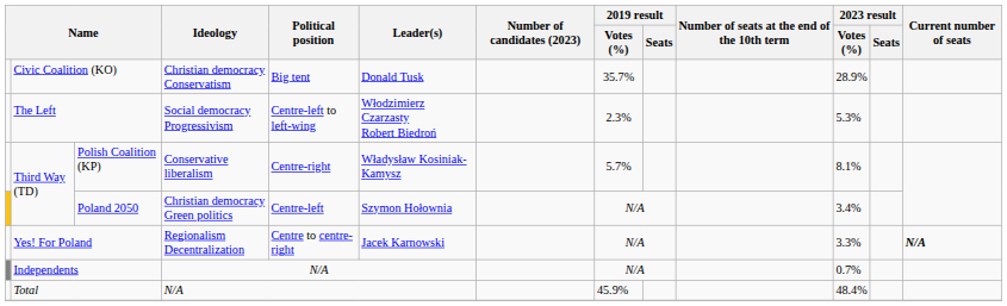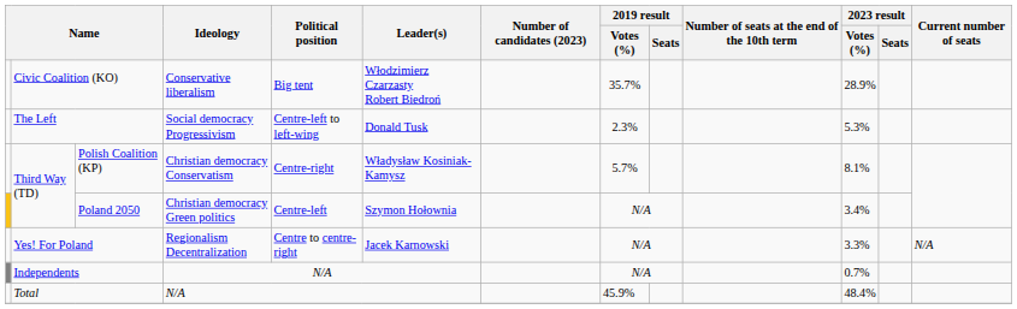 <table class=wikitable style="font-size:95%;">
 <tr>
 <th colspan="3" rowspan="2">Name</th>
 <th rowspan="2">Ideology</th>
 <th rowspan="2">Political position</th>
 <th rowspan="2">Leader(s)</th>
 <th rowspan="2">Number of candidates (2023)</th>
 <th colspan="2">2019 result</th>
 <th rowspan="2">Number of seats at the end of the 10th term</th>
 <th colspan="2">2023 result</th>
 <th rowspan="2">Current number of seats</th>
 </tr>
 <tr>
 <th>Votes (%)</th>
 <th>Seats</th>
 <th>Votes<br>(%)</th>
 <th>Seats</th>
 </tr>
 <tr>
 <td style="background:"></td>
 <td colspan="2"><a href='#'>Civic Coalition</a> (KO)<br><br></td>
-<td><a href='#'>Christian democracy</a><br><a href='#'>Conservatism</a></td>
+<td><a href='#'>Conservative liberalism</a></td>
 <td><a href='#'>Big tent</a></td>
-<td><a href='#'>Donald Tusk</a></td>
+<td><a href='#'>Włodzimierz Czarzasty</a><br><a href='#'>Robert Biedroń</a></td>
 <td></td>
 <td style="text-align:center;">35.7%</td>
 <td></td>
 <td></td>
 <td>28.9%</td>
 <td></td>
 <td></td>
 </tr>
 <tr>
 <td style="background:"></td>
 <td colspan="2"><a href='#'>The Left</a><br><br></td>
 <td><a href='#'>Social democracy</a><br><a href='#'>Progressivism</a></td>
 <td><a href='#'>Centre-left</a> to  <a href='#'>left-wing</a></td>
-<td><a href='#'>Włodzimierz Czarzasty</a><br><a href='#'>Robert Biedroń</a></td>
+<td><a href='#'>Donald Tusk</a></td>
 <td></td>
 <td style="text-align:center;">2.3%</td>
 <td></td>
 <td></td>
 <td>5.3%</td>
 <td></td>
 <td></td>
 </tr>
 <tr>
 <td style="background:"></td>
 <td rowspan="2"><a href='#'>Third Way</a> (TD)<br></td>
 <td><a href='#'>Polish Coalition</a> (KP)<br><br></td>
-<td><a href='#'>Conservative liberalism</a></td>
+<td><a href='#'>Christian democracy</a><br><a href='#'>Conservatism</a></td>
 <td><a href='#'>Centre-right</a></td>
 <td><a href='#'>Władysław Kosiniak-Kamysz</a></td>
 <td></td>
 <td style="text-align:center;">5.7%</td>
 <td></td>
 <td></td>
 <td>8.1%</td>
 <td></td>
 <td rowspan="2"></td>
 </tr>
 <tr>
 <td style="background:#fbc314;"></td>
 <td><a href='#'>Poland 2050</a><br></td>
 <td><a href='#'>Christian democracy</a><br><a href='#'>Green politics</a></td>
 <td><a href='#'>Centre-left</a></td>
 <td><a href='#'>Szymon Hołownia</a></td>
 <td></td>
 <td colspan="2" style="text-align:center;"><em>N/A</em></td>
 <td></td>
 <td>3.4%</td>
 <td></td>
 </tr>
 <tr>
 <td style="background:"></td>
 <td colspan="2"><a href='#'>Yes! For Poland</a><br></td>
 <td><a href='#'>Regionalism</a><br><a href='#'>Decentralization</a></td>
 <td><a href='#'>Centre</a> to <a href='#'>centre-right</a></td>
 <td><a href='#'>Jacek Karnowski</a></td>
 <td></td>
 <td colspan="2" style="text-align:center;"><em>N/A</em></td>
 <td> </td>
 <td>3.3%</td>
 <td></td>
-<td><strong><em>N/A</em></strong></td>
+<td><em>N/A</em></td>
 </tr>
 <tr>
 <td style="background:grey;"></td>
 <td colspan="2"><a href='#'>Independents</a></td>
 <td colspan="3" style="text-align:center;"><em>N/A</em></td>
 <td></td>
 <td colspan="2" style="text-align:center;"><em>N/A</em></td>
 <td></td>
 <td>0.7%</td>
 <td></td>
 <td></td>
 </tr>
 <tr>
 <td style="background:"></td>
 <td colspan="2"><em>Total</em></td>
 <td colspan="3"><em>N/A</em></td>
 <td></td>
 <td>45.9%</td>
 <td></td>
 <td></td>
 <td>48.4%</td>
 <td></td>
 <td></td>
 </tr>
 <tr>
 </tr>
 </table>
